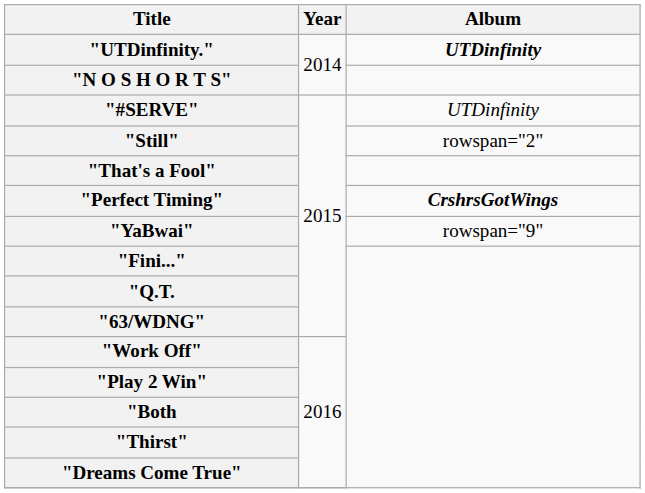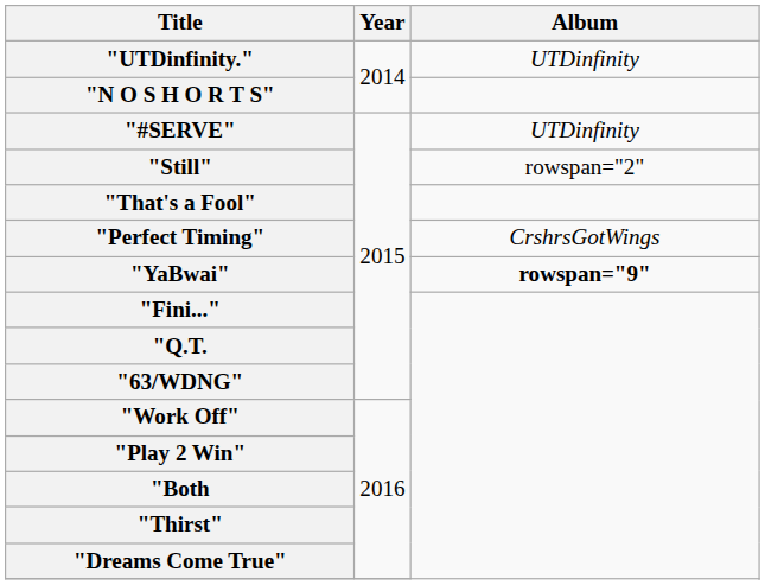 <table class="wikitable plainrowheaders" style="text-align:center;">
 <tr>
 <th scope="col" style="width:15em;">Title</th>
 <th scope="col">Year</th>
 <th scope="col" style="width:15em;">Album</th>
 </tr>
 <tr>
 <th scope="row">"UTDinfinity."</th>
 <td rowspan="2">2014</td>
-<td><strong><em>UTDinfinity</em></strong></td>
+<td><em>UTDinfinity</em></td>
 </tr>
 <tr>
 <th scope="row">"N O S H O R T S"</th>
 <td></td>
 </tr>
 <tr>
 <th scope="row">"#SERVE"</th>
 <td rowspan="8">2015</td>
 <td><em>UTDinfinity</em></td>
 </tr>
 <tr>
 <th scope="row">"Still"<br></th>
 <td>rowspan="2" </td>
 </tr>
 <tr>
 <th scope="row">"That's a Fool"</th>
 </tr>
 <tr>
 <th scope="row">"Perfect Timing"</th>
-<td><strong><em>CrshrsGotWings</em></strong></td>
+<td><em>CrshrsGotWings</em></td>
 </tr>
 <tr>
 <th scope="row">"YaBwai"</th>
-<td>rowspan="9" </td>
+<td><strong>rowspan="9" </strong></td>
 </tr>
 <tr>
 <th scope="row">"Fini..."</th>
 </tr>
 <tr>
 <th scope="row">"Q.T.</th>
 </tr>
 <tr>
 <th scope="row">"63/WDNG"<br></th>
 </tr>
 <tr>
 <th scope="row">"Work Off"<br></th>
 <td rowspan="5">2016</td>
 </tr>
 <tr>
 <th scope="row">"Play 2 Win"</th>
 </tr>
 <tr>
 <th scope="row">"Both<br></th>
 </tr>
 <tr>
 <th scope="row">"Thirst"</th>
 </tr>
 <tr>
 <th scope="row">"Dreams Come True"</th>
 </tr>
 <tr>
 </tr>
 </table>
